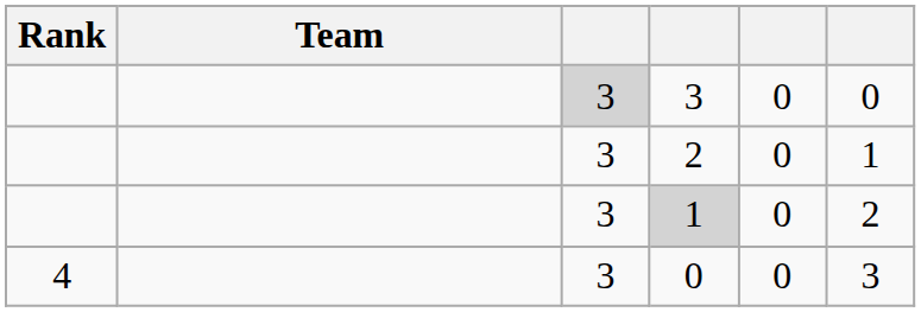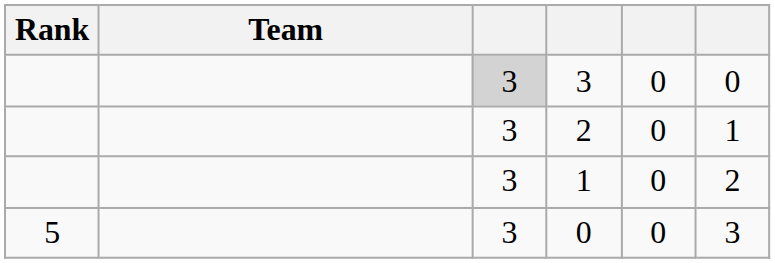 <table class="wikitable" style="text-align: center;">
 <tr>
 <th width=40>Rank</th>
 <th width=180>Team</th>
 <th width=30></th>
 <th width=30></th>
 <th width=30></th>
 <th width=30></th>
 </tr>
 <tr>
 <td></td>
 <td align="left"></td>
 <td style="background: lightgrey;">3</td>
 <td>3</td>
 <td>0</td>
 <td>0</td>
 </tr>
 <tr>
 <td></td>
 <td align="left"></td>
 <td>3</td>
 <td>2</td>
 <td>0</td>
 <td>1</td>
 </tr>
 <tr>
 <td></td>
 <td align="left"></td>
 <td>3</td>
-<td style="background: lightgrey;">1</td>
+<td>1</td>
 <td>0</td>
 <td>2</td>
 </tr>
 <tr>
-<td>4</td>
+<td>5</td>
 <td align="left"></td>
 <td>3</td>
 <td>0</td>
 <td>0</td>
 <td>3</td>
 </tr>
 </table>
